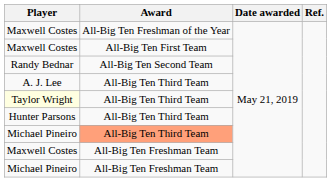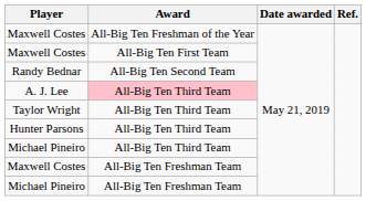 <table class="wikitable sortable sortable" style="text-align: center">
 <tr align=center>
 <th>Player</th>
 <th>Award</th>
 <th>Date awarded</th>
 <th>Ref.</th>
 </tr>
 <tr>
 <td>Maxwell Costes</td>
 <td rowspan="1">All-Big Ten Freshman of the Year</td>
 <td rowspan="9">May 21, 2019</td>
 <td rowspan="9"></td>
 </tr>
 <tr>
 <td>Maxwell Costes</td>
 <td>All-Big Ten First Team</td>
 </tr>
 <tr>
 <td>Randy Bednar</td>
 <td>All-Big Ten Second Team</td>
 </tr>
 <tr>
 <td>A. J. Lee</td>
-<td>All-Big Ten Third Team</td>
+<td style="background: pink;">All-Big Ten Third Team</td>
 </tr>
 <tr>
-<td style="background: lightyellow;">Taylor Wright</td>
+<td>Taylor Wright</td>
 <td>All-Big Ten Third Team</td>
 </tr>
 <tr>
 <td>Hunter Parsons</td>
 <td>All-Big Ten Third Team</td>
 </tr>
 <tr>
 <td>Michael Pineiro</td>
-<td style="background: lightsalmon;">All-Big Ten Third Team</td>
+<td>All-Big Ten Third Team</td>
 </tr>
 <tr>
 <td>Maxwell Costes</td>
 <td>All-Big Ten Freshman Team</td>
 </tr>
 <tr>
 <td>Michael Pineiro</td>
 <td>All-Big Ten Freshman Team</td>
 </tr>
 </table>
